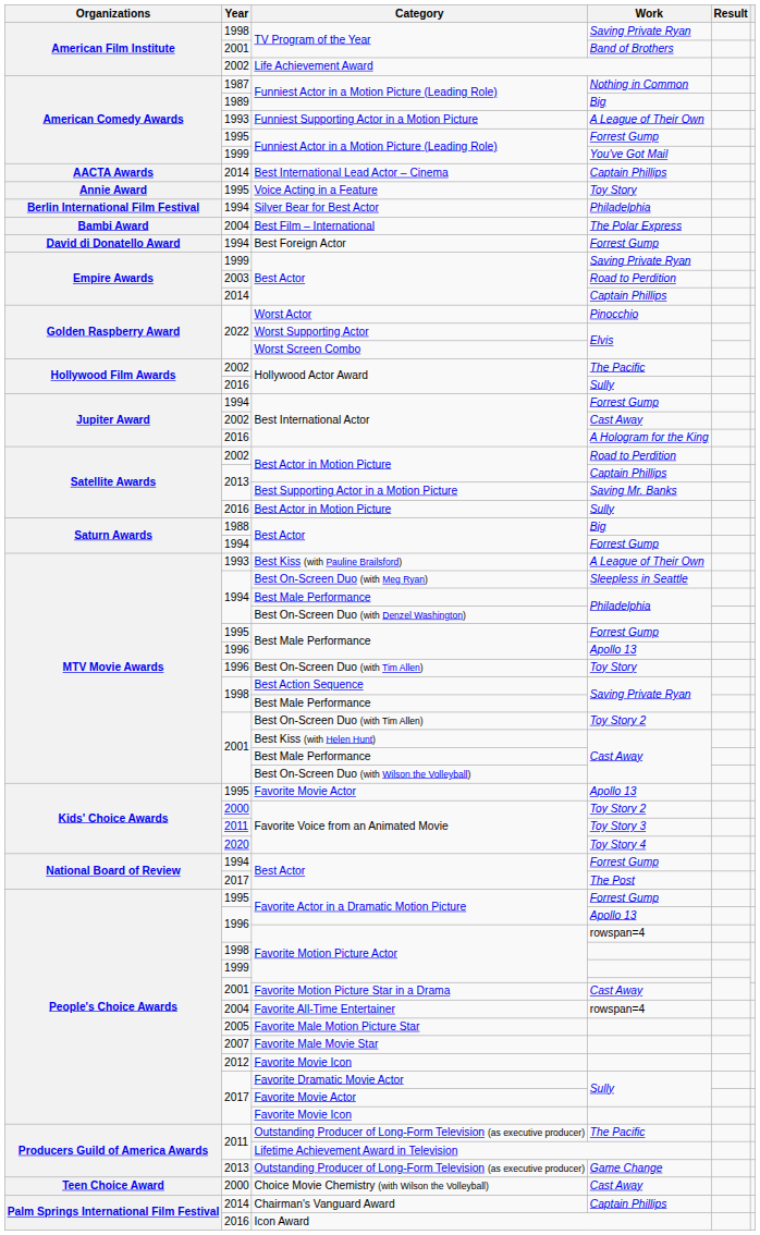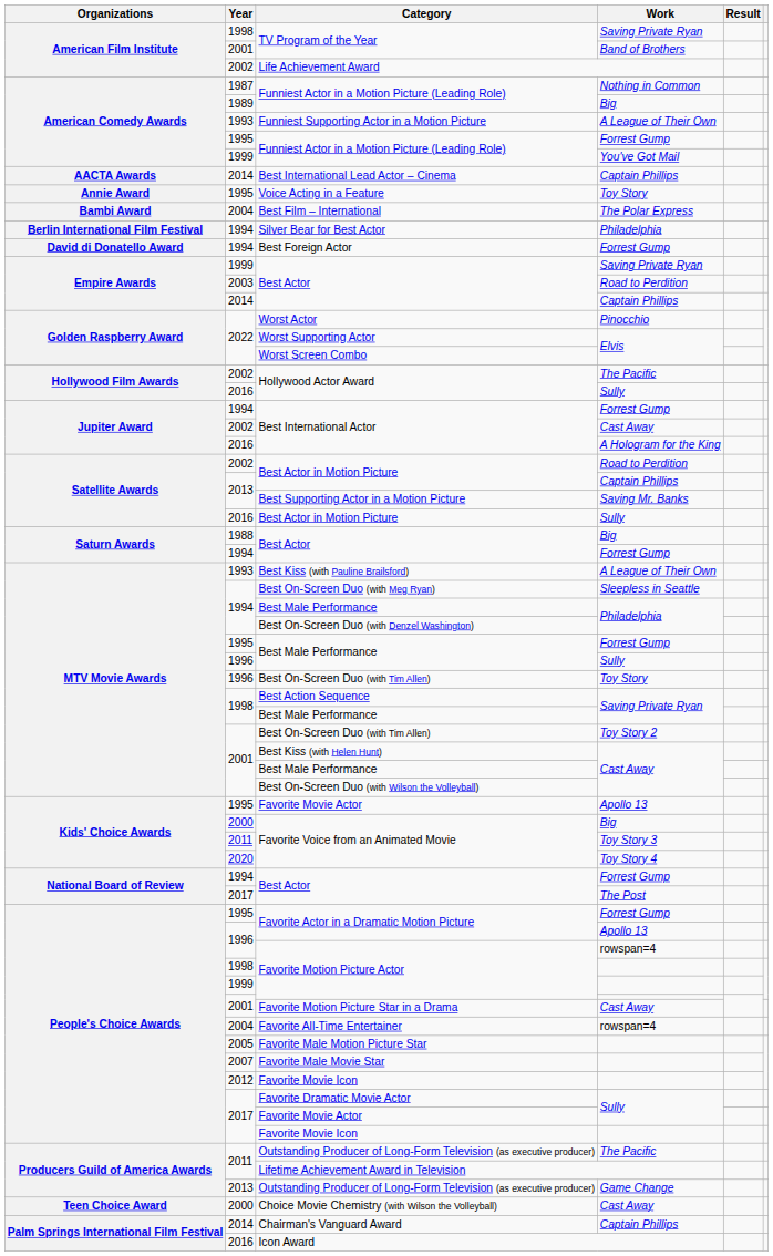 <table class= "wikitable plainrowheaders sortable">
 <tr>
 <th>Organizations</th>
 <th scope="col">Year</th>
 <th scope="col">Category</th>
 <th scope="col">Work</th>
 <th scope="col">Result</th>
 <th scope="col" class="unsortable"></th>
 </tr>
 <tr>
 <th scope="row" rowspan="3"><a href='#'>American Film Institute</a></th>
 <td>1998</td>
 <td rowspan=2><a href='#'>TV Program of the Year</a></td>
 <td><em><a href='#'>Saving Private Ryan</a></em></td>
 <td></td>
 <td></td>
 </tr>
 <tr>
 <td>2001</td>
 <td><em><a href='#'>Band of Brothers</a></em></td>
 <td></td>
 <td></td>
 </tr>
 <tr>
 <td>2002</td>
 <td colspan=2><a href='#'>Life Achievement Award</a></td>
 <td></td>
 <td></td>
 </tr>
 <tr>
 <th scope="row" rowspan="5"><a href='#'>American Comedy Awards</a></th>
 <td>1987</td>
 <td rowspan="2"><a href='#'>Funniest Actor in a Motion Picture (Leading Role)</a></td>
 <td><em><a href='#'>Nothing in Common</a></em></td>
 <td></td>
 <td></td>
 </tr>
 <tr>
 <td>1989</td>
 <td><em><a href='#'>Big</a></em></td>
 <td></td>
 <td></td>
 </tr>
 <tr>
 <td>1993</td>
 <td><a href='#'>Funniest Supporting Actor in a Motion Picture</a></td>
 <td><em><a href='#'>A League of Their Own</a></em></td>
 <td></td>
 <td></td>
 </tr>
 <tr>
 <td>1995</td>
 <td rowspan="2"><a href='#'>Funniest Actor in a Motion Picture (Leading Role)</a></td>
 <td><em><a href='#'>Forrest Gump</a></em></td>
 <td></td>
 <td></td>
 </tr>
 <tr>
 <td>1999</td>
 <td><em><a href='#'>You've Got Mail</a></em></td>
 <td></td>
 <td></td>
 </tr>
 <tr>
 <th scope="row" rowspan="1"><a href='#'>AACTA Awards</a></th>
 <td>2014</td>
 <td><a href='#'>Best International Lead Actor – Cinema</a></td>
 <td><em><a href='#'>Captain Phillips</a></em></td>
 <td></td>
 <td></td>
 </tr>
 <tr>
 <th scope="row" rowspan="1"><a href='#'>Annie Award</a></th>
 <td>1995</td>
 <td><a href='#'>Voice Acting in a Feature</a></td>
 <td><em><a href='#'>Toy Story</a></em></td>
 <td></td>
 <td></td>
 </tr>
 <tr>
+<th scope="row" rowspan="1"><a href='#'>Bambi Award</a></th>
+<td rowspan=1>2004</td>
+<td><a href='#'>Best Film – International</a></td>
+<td><em><a href='#'>The Polar Express</a></em></td>
+<td></td>
+<td></td>
+</tr>
+<tr>
 <th scope="row" rowspan="1"><a href='#'>Berlin International Film Festival</a></th>
 <td rowspan=1>1994</td>
 <td><a href='#'>Silver Bear for Best Actor</a></td>
 <td><em><a href='#'>Philadelphia</a></em></td>
-<td></td>
-<td></td>
-</tr>
-<tr>
-<th scope="row" rowspan="1"><a href='#'>Bambi Award</a></th>
-<td rowspan=1>2004</td>
-<td><a href='#'>Best Film – International</a></td>
-<td><em><a href='#'>The Polar Express</a></em></td>
 <td></td>
 <td></td>
 </tr>
 <tr>
 <th scope="row" rowspan="1"><a href='#'>David di Donatello Award</a></th>
 <td>1994</td>
 <td>Best Foreign Actor</td>
 <td><em><a href='#'>Forrest Gump</a></em></td>
 <td></td>
 <td></td>
 </tr>
 <tr>
 <th scope="row" rowspan="3"><a href='#'>Empire Awards</a></th>
 <td>1999</td>
 <td rowspan="3"><a href='#'>Best Actor</a></td>
 <td><em><a href='#'>Saving Private Ryan</a></em></td>
 <td></td>
 <td></td>
 </tr>
 <tr>
 <td>2003</td>
 <td><em><a href='#'>Road to Perdition</a></em></td>
 <td></td>
 <td></td>
 </tr>
 <tr>
 <td>2014</td>
 <td><em><a href='#'>Captain Phillips</a></em></td>
 <td></td>
 <td></td>
 </tr>
 <tr>
 <th scope="row" rowspan="3"><a href='#'>Golden Raspberry Award</a></th>
 <td rowspan=3>2022</td>
 <td><a href='#'>Worst Actor</a></td>
 <td><em><a href='#'>Pinocchio</a></em></td>
 <td></td>
 <td rowspan=3></td>
 </tr>
 <tr>
 <td><a href='#'>Worst Supporting Actor</a></td>
 <td rowspan=2><em><a href='#'>Elvis</a></em></td>
 <td></td>
 </tr>
 <tr>
 <td><a href='#'>Worst Screen Combo</a></td>
 <td></td>
 </tr>
 <tr>
 <th scope="row" rowspan="2"><a href='#'>Hollywood Film Awards</a></th>
 <td>2002</td>
 <td rowspan=2>Hollywood Actor Award</td>
 <td><em><a href='#'>The Pacific</a></em></td>
 <td></td>
 <td></td>
 </tr>
 <tr>
 <td>2016</td>
 <td><em><a href='#'>Sully</a></em></td>
 <td></td>
 <td></td>
 </tr>
 <tr>
 <th scope="row" rowspan="3"><a href='#'>Jupiter Award</a></th>
 <td>1994</td>
 <td rowspan=3>Best International Actor</td>
 <td><em><a href='#'>Forrest Gump</a></em></td>
 <td></td>
 <td></td>
 </tr>
 <tr>
 <td>2002</td>
 <td><em><a href='#'>Cast Away</a></em></td>
 <td></td>
 <td></td>
 </tr>
 <tr>
 <td>2016</td>
 <td><em><a href='#'>A Hologram for the King</a></em></td>
 <td></td>
 <td></td>
 </tr>
 <tr>
 <th scope="row" rowspan="4"><a href='#'>Satellite Awards</a></th>
 <td>2002</td>
 <td rowspan=2><a href='#'>Best Actor in Motion Picture</a></td>
 <td><em><a href='#'>Road to Perdition</a></em></td>
 <td></td>
 <td></td>
 </tr>
 <tr>
 <td rowspan=2>2013</td>
 <td><em><a href='#'>Captain Phillips</a></em></td>
 <td></td>
 <td rowspan=2></td>
 </tr>
 <tr>
 <td><a href='#'>Best Supporting Actor in a Motion Picture</a></td>
 <td><em><a href='#'>Saving Mr. Banks</a></em></td>
 <td></td>
 </tr>
 <tr>
 <td>2016</td>
 <td><a href='#'>Best Actor in Motion Picture</a></td>
 <td><em><a href='#'>Sully</a></em></td>
 <td></td>
 <td></td>
 </tr>
 <tr>
 <th scope="row" rowspan="2"><a href='#'>Saturn Awards</a></th>
 <td>1988</td>
 <td rowspan=2><a href='#'>Best Actor</a></td>
 <td><em><a href='#'>Big</a></em></td>
 <td></td>
 <td></td>
 </tr>
 <tr>
 <td>1994</td>
 <td><em><a href='#'>Forrest Gump</a></em></td>
 <td></td>
 <td></td>
 </tr>
 <tr>
 <th scope="row" rowspan="13"><a href='#'>MTV Movie Awards</a></th>
 <td>1993</td>
 <td><a href='#'>Best Kiss</a> <small>(with <a href='#'>Pauline Brailsford</a>)</small></td>
 <td><em><a href='#'>A League of Their Own</a></em></td>
 <td></td>
 <td></td>
 </tr>
 <tr>
 <td rowspan=3>1994</td>
 <td><a href='#'>Best On-Screen Duo</a> <small>(with <a href='#'>Meg Ryan</a>)</small></td>
 <td><em><a href='#'>Sleepless in Seattle</a></em></td>
 <td></td>
 <td></td>
 </tr>
 <tr>
 <td><a href='#'>Best Male Performance</a></td>
 <td rowspan=2><em><a href='#'>Philadelphia</a></em></td>
 <td></td>
 <td></td>
 </tr>
 <tr>
 <td>Best On-Screen Duo <small>(with <a href='#'>Denzel Washington</a>)</small></td>
 <td></td>
 <td></td>
 </tr>
 <tr>
 <td>1995</td>
 <td rowspan=2>Best Male Performance</td>
 <td><em><a href='#'>Forrest Gump</a></em></td>
 <td></td>
 <td></td>
 </tr>
 <tr>
 <td>1996</td>
-<td><em><a href='#'>Apollo 13</a></em></td>
+<td><em><a href='#'>Sully</a></em></td>
 <td></td>
 <td></td>
 </tr>
 <tr>
 <td>1996</td>
 <td>Best On-Screen Duo <small>(with <a href='#'>Tim Allen</a>)</small></td>
 <td><em><a href='#'>Toy Story</a></em></td>
 <td></td>
 <td></td>
 </tr>
 <tr>
 <td rowspan=2>1998</td>
 <td><a href='#'>Best Action Sequence</a></td>
 <td rowspan=2><em><a href='#'>Saving Private Ryan</a></em></td>
 <td></td>
 <td></td>
 </tr>
 <tr>
 <td>Best Male Performance</td>
 <td></td>
 <td></td>
 </tr>
 <tr>
 <td rowspan=4>2001</td>
 <td>Best On-Screen Duo <small>(with Tim Allen)</small></td>
 <td><em><a href='#'>Toy Story 2</a></em></td>
 <td></td>
 <td></td>
 </tr>
 <tr>
 <td>Best Kiss <small>(with <a href='#'>Helen Hunt</a>)</small></td>
 <td rowspan=3><em><a href='#'>Cast Away</a></em></td>
 <td></td>
 <td></td>
 </tr>
 <tr>
 <td>Best Male Performance</td>
 <td></td>
 <td></td>
 </tr>
 <tr>
 <td>Best On-Screen Duo <small>(with <a href='#'>Wilson the Volleyball</a>)</small></td>
 <td></td>
 <td></td>
 </tr>
 <tr>
 <th scope="row" rowspan="4"><a href='#'>Kids' Choice Awards</a></th>
 <td>1995</td>
 <td><a href='#'>Favorite Movie Actor</a></td>
 <td><em><a href='#'>Apollo 13</a></em></td>
 <td></td>
 <td></td>
 </tr>
 <tr>
 <td><a href='#'>2000</a></td>
 <td rowspan="3">Favorite Voice from an Animated Movie</td>
-<td><em><a href='#'>Toy Story 2</a></em></td>
+<td><em><a href='#'>Big</a></em></td>
 <td></td>
 <td></td>
 </tr>
 <tr>
 <td><a href='#'>2011</a></td>
 <td><em><a href='#'>Toy Story 3</a></em></td>
 <td></td>
 <td></td>
 </tr>
 <tr>
 <td><a href='#'>2020</a></td>
 <td><em><a href='#'>Toy Story 4</a></em></td>
 <td></td>
 <td></td>
 </tr>
 <tr>
 <th scope="row" rowspan="2"><a href='#'>National Board of Review</a></th>
 <td>1994</td>
 <td rowspan=2><a href='#'>Best Actor</a></td>
 <td><em><a href='#'>Forrest Gump</a></em></td>
 <td></td>
 <td></td>
 </tr>
 <tr>
 <td>2017</td>
 <td><em><a href='#'>The Post</a></em></td>
 <td></td>
 <td></td>
 </tr>
 <tr>
 <th scope="row" rowspan="14"><a href='#'>People's Choice Awards</a></th>
 <td>1995</td>
 <td rowspan="2"><a href='#'>Favorite Actor in a Dramatic Motion Picture</a></td>
 <td><em><a href='#'>Forrest Gump</a></em></td>
 <td></td>
 <td></td>
 </tr>
 <tr>
 <td rowspan=2>1996</td>
 <td><em><a href='#'>Apollo 13</a></em></td>
 <td></td>
 <td></td>
 </tr>
 <tr>
 <td rowspan="4"><a href='#'>Favorite Motion Picture Actor</a></td>
 <td>rowspan=4 </td>
 <td></td>
 <td></td>
 </tr>
 <tr>
 <td>1998</td>
 <td></td>
 <td></td>
 </tr>
 <tr>
 <td>1999</td>
 <td></td>
 <td></td>
 </tr>
 <tr>
 <td rowspan=2>2001</td>
 <td></td>
 <td rowspan=2></td>
 </tr>
 <tr>
 <td><a href='#'>Favorite Motion Picture Star in a Drama</a></td>
 <td><em><a href='#'>Cast Away</a></em></td>
 <td></td>
 </tr>
 <tr>
 <td>2004</td>
 <td><a href='#'>Favorite All-Time Entertainer</a></td>
 <td>rowspan=4 </td>
 <td></td>
 <td></td>
 </tr>
 <tr>
 <td>2005</td>
 <td><a href='#'>Favorite Male Motion Picture Star</a></td>
 <td></td>
 <td></td>
 </tr>
 <tr>
 <td>2007</td>
 <td><a href='#'>Favorite Male Movie Star</a></td>
 <td></td>
 <td></td>
 </tr>
 <tr>
 <td>2012</td>
 <td><a href='#'>Favorite Movie Icon</a></td>
 <td></td>
 <td></td>
 </tr>
 <tr>
 <td rowspan=3>2017</td>
 <td><a href='#'>Favorite Dramatic Movie Actor</a></td>
 <td rowspan=2><em><a href='#'>Sully</a></em></td>
 <td></td>
 <td></td>
 </tr>
 <tr>
 <td><a href='#'>Favorite Movie Actor</a></td>
 <td></td>
 <td></td>
 </tr>
 <tr>
 <td><a href='#'>Favorite Movie Icon</a></td>
 <td></td>
 <td></td>
 <td></td>
 </tr>
 <tr>
 <th scope="row" rowspan="3"><a href='#'>Producers Guild of America Awards</a></th>
 <td rowspan=2>2011</td>
 <td><a href='#'>Outstanding Producer of Long-Form Television</a> <small>(as executive producer)</small></td>
 <td><em><a href='#'>The Pacific</a></em></td>
 <td></td>
 <td></td>
 </tr>
 <tr>
 <td colspan=2><a href='#'>Lifetime Achievement Award in Television</a></td>
 <td></td>
 <td></td>
 </tr>
 <tr>
 <td>2013</td>
 <td><a href='#'>Outstanding Producer of Long-Form Television</a> <small>(as executive producer)</small></td>
 <td><em><a href='#'>Game Change</a></em></td>
 <td></td>
 <td></td>
 </tr>
 <tr>
 <th scope="row" rowspan="1"><a href='#'>Teen Choice Award</a></th>
 <td>2000</td>
 <td>Choice Movie Chemistry <small>(with Wilson the Volleyball)</small></td>
 <td><em><a href='#'>Cast Away</a></em></td>
 <td></td>
 <td></td>
 </tr>
 <tr>
 <th scope="row" rowspan="2"><a href='#'>Palm Springs International Film Festival</a></th>
 <td>2014</td>
 <td>Chairman's Vanguard Award</td>
 <td><em><a href='#'>Captain Phillips</a></em></td>
 <td></td>
 <td></td>
 </tr>
 <tr>
 <td>2016</td>
 <td colspan=2>Icon Award</td>
 <td></td>
 <td></td>
 </tr>
 </table>
